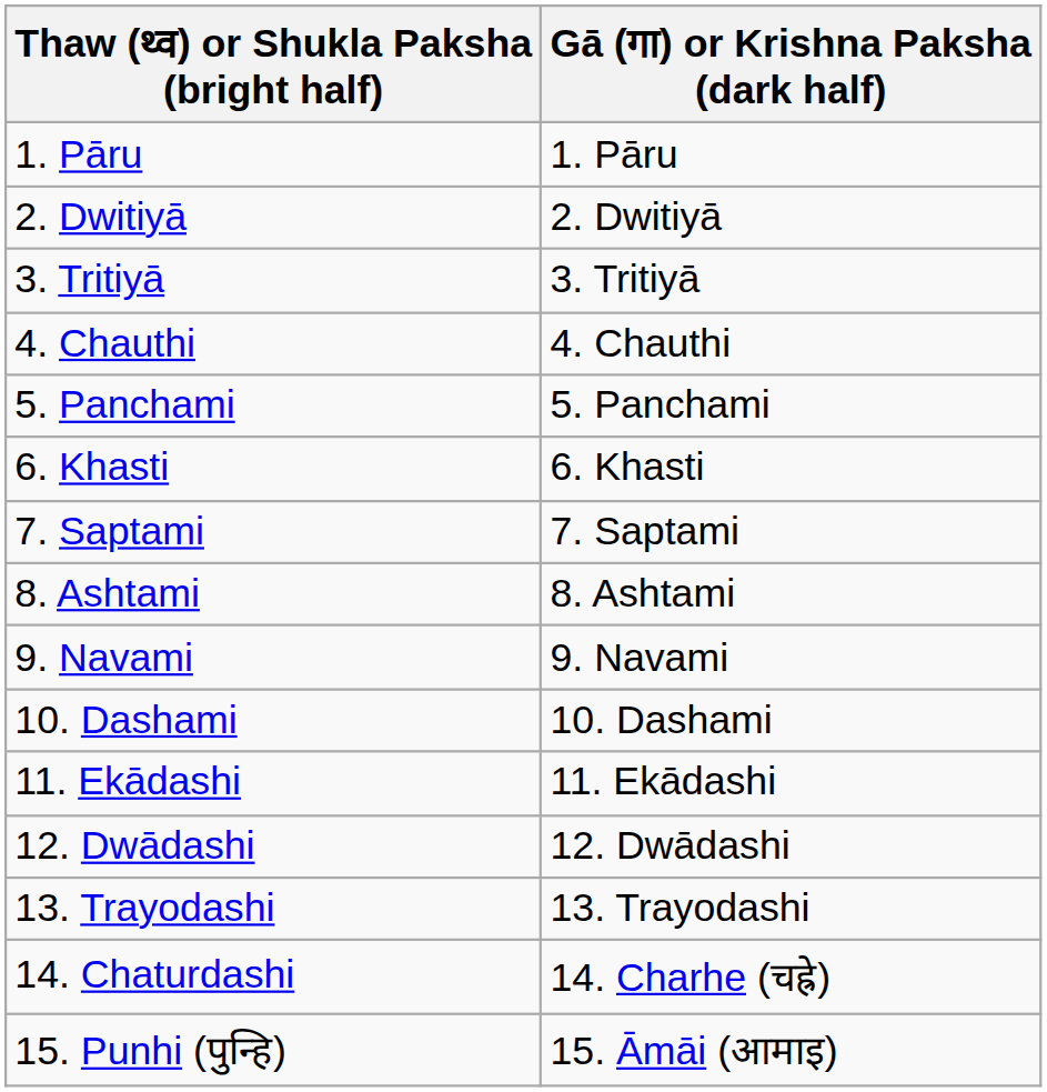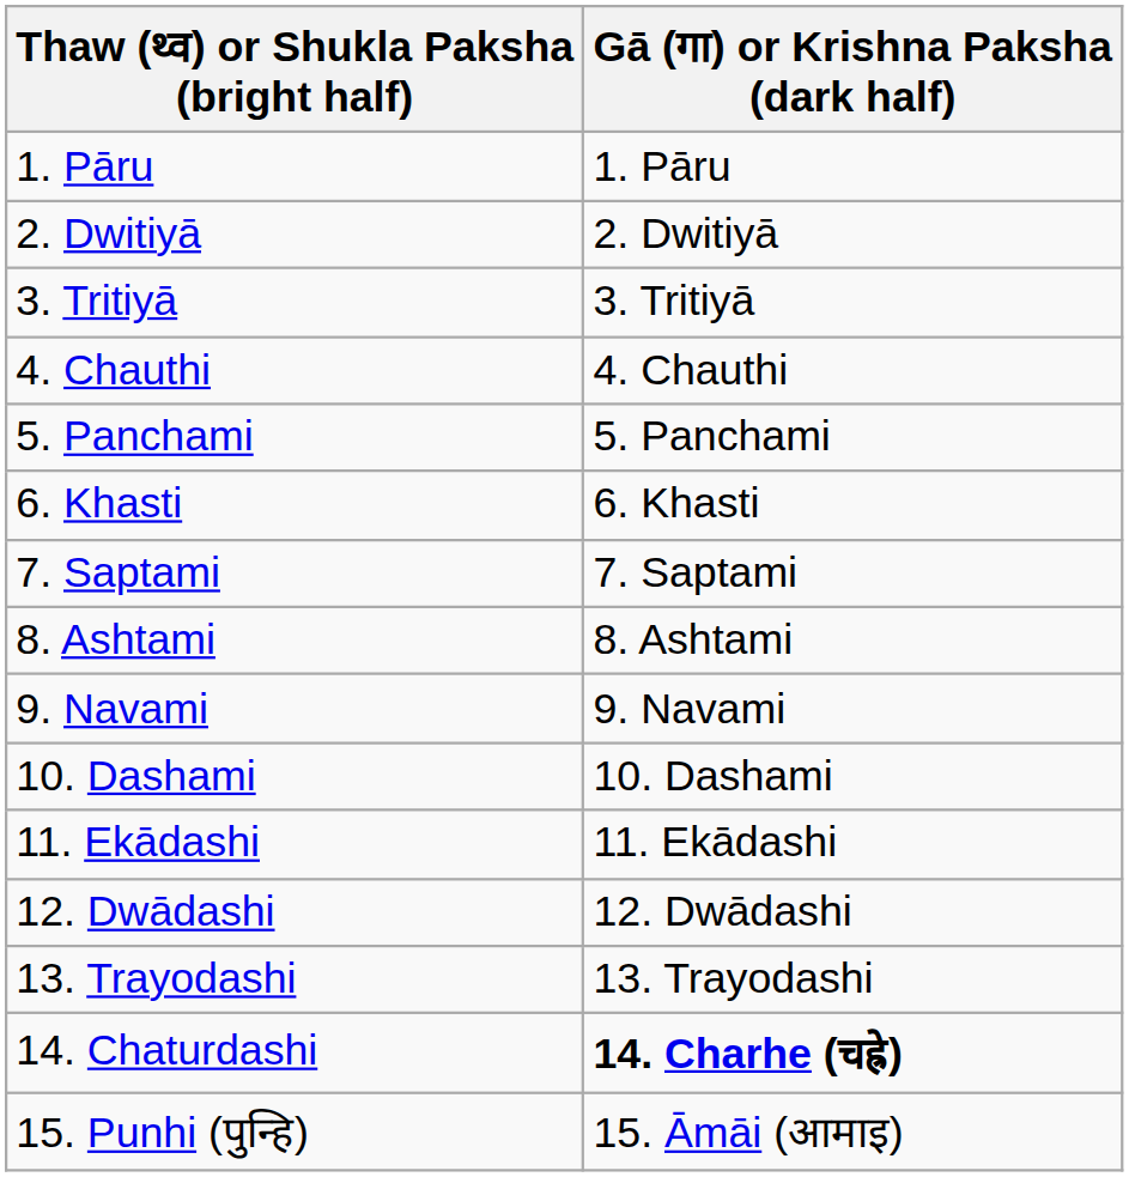 <table class="wikitable">
 <tr>
 <th>Thaw (थ्व) or Shukla Paksha<br>(bright half)</th>
 <th>Gā (गा) or Krishna Paksha<br>(dark half)</th>
 </tr>
 <tr>
 <td>1. <a href='#'>Pāru</a></td>
 <td>1. Pāru</td>
 </tr>
 <tr>
 <td>2. <a href='#'>Dwitiyā</a></td>
 <td>2. Dwitiyā</td>
 </tr>
 <tr>
 <td>3. <a href='#'>Tritiyā</a></td>
 <td>3. Tritiyā</td>
 </tr>
 <tr>
 <td>4. <a href='#'>Chauthi</a></td>
 <td>4. Chauthi</td>
 </tr>
 <tr>
 <td>5. <a href='#'>Panchami</a></td>
 <td>5. Panchami</td>
 </tr>
 <tr>
 <td>6. <a href='#'>Khasti</a></td>
 <td>6. Khasti</td>
 </tr>
 <tr>
 <td>7. <a href='#'>Saptami</a></td>
 <td>7. Saptami</td>
 </tr>
 <tr>
 <td>8. <a href='#'>Ashtami</a></td>
 <td>8. Ashtami</td>
 </tr>
 <tr>
 <td>9. <a href='#'>Navami</a></td>
 <td>9. Navami</td>
 </tr>
 <tr>
 <td>10. <a href='#'>Dashami</a></td>
 <td>10. Dashami</td>
 </tr>
 <tr>
 <td>11. <a href='#'>Ekādashi</a></td>
 <td>11. Ekādashi</td>
 </tr>
 <tr>
 <td>12. <a href='#'>Dwādashi</a></td>
 <td>12. Dwādashi</td>
 </tr>
 <tr>
 <td>13. <a href='#'>Trayodashi</a></td>
 <td>13. Trayodashi</td>
 </tr>
 <tr>
 <td>14. <a href='#'>Chaturdashi</a></td>
-<td>14. <a href='#'>Charhe</a> (चह्रे)</td>
+<td><strong>14. <a href='#'>Charhe</a> (चह्रे)</strong></td>
 </tr>
 <tr>
 <td>15. <a href='#'>Punhi</a> (पुन्हि)</td>
 <td>15. <a href='#'>Āmāi</a> (आमाइ)</td>
 </tr>
 </table>
